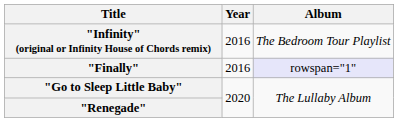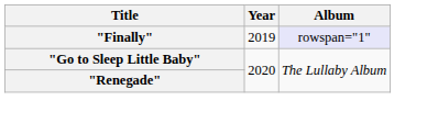 <table class="wikitable plainrowheaders" style="text-align:center;">
 <tr>
 <th style="width:17em;">Title</th>
 <th>Year</th>
 <th>Album</th>
 </tr>
 <tr>
-<th scope="row">"Infinity"<br><small>(original or Infinity House of Chords remix)</small></th>
-<td>2016</td>
-<td><em>The Bedroom Tour Playlist</em></td>
-</tr>
-<tr>
 <th scope="row">"Finally"</th>
-<td>2016</td>
+<td>2019</td>
 <td style="background: lavender;">rowspan="1" </td>
 </tr>
 <tr>
 <th scope="row">"Go to Sleep Little Baby"</th>
 <td rowspan="2">2020</td>
 <td rowspan="2"><em>The Lullaby Album</em></td>
 </tr>
 <tr>
 <th scope="row">"Renegade"</th>
 </tr>
 </table>
